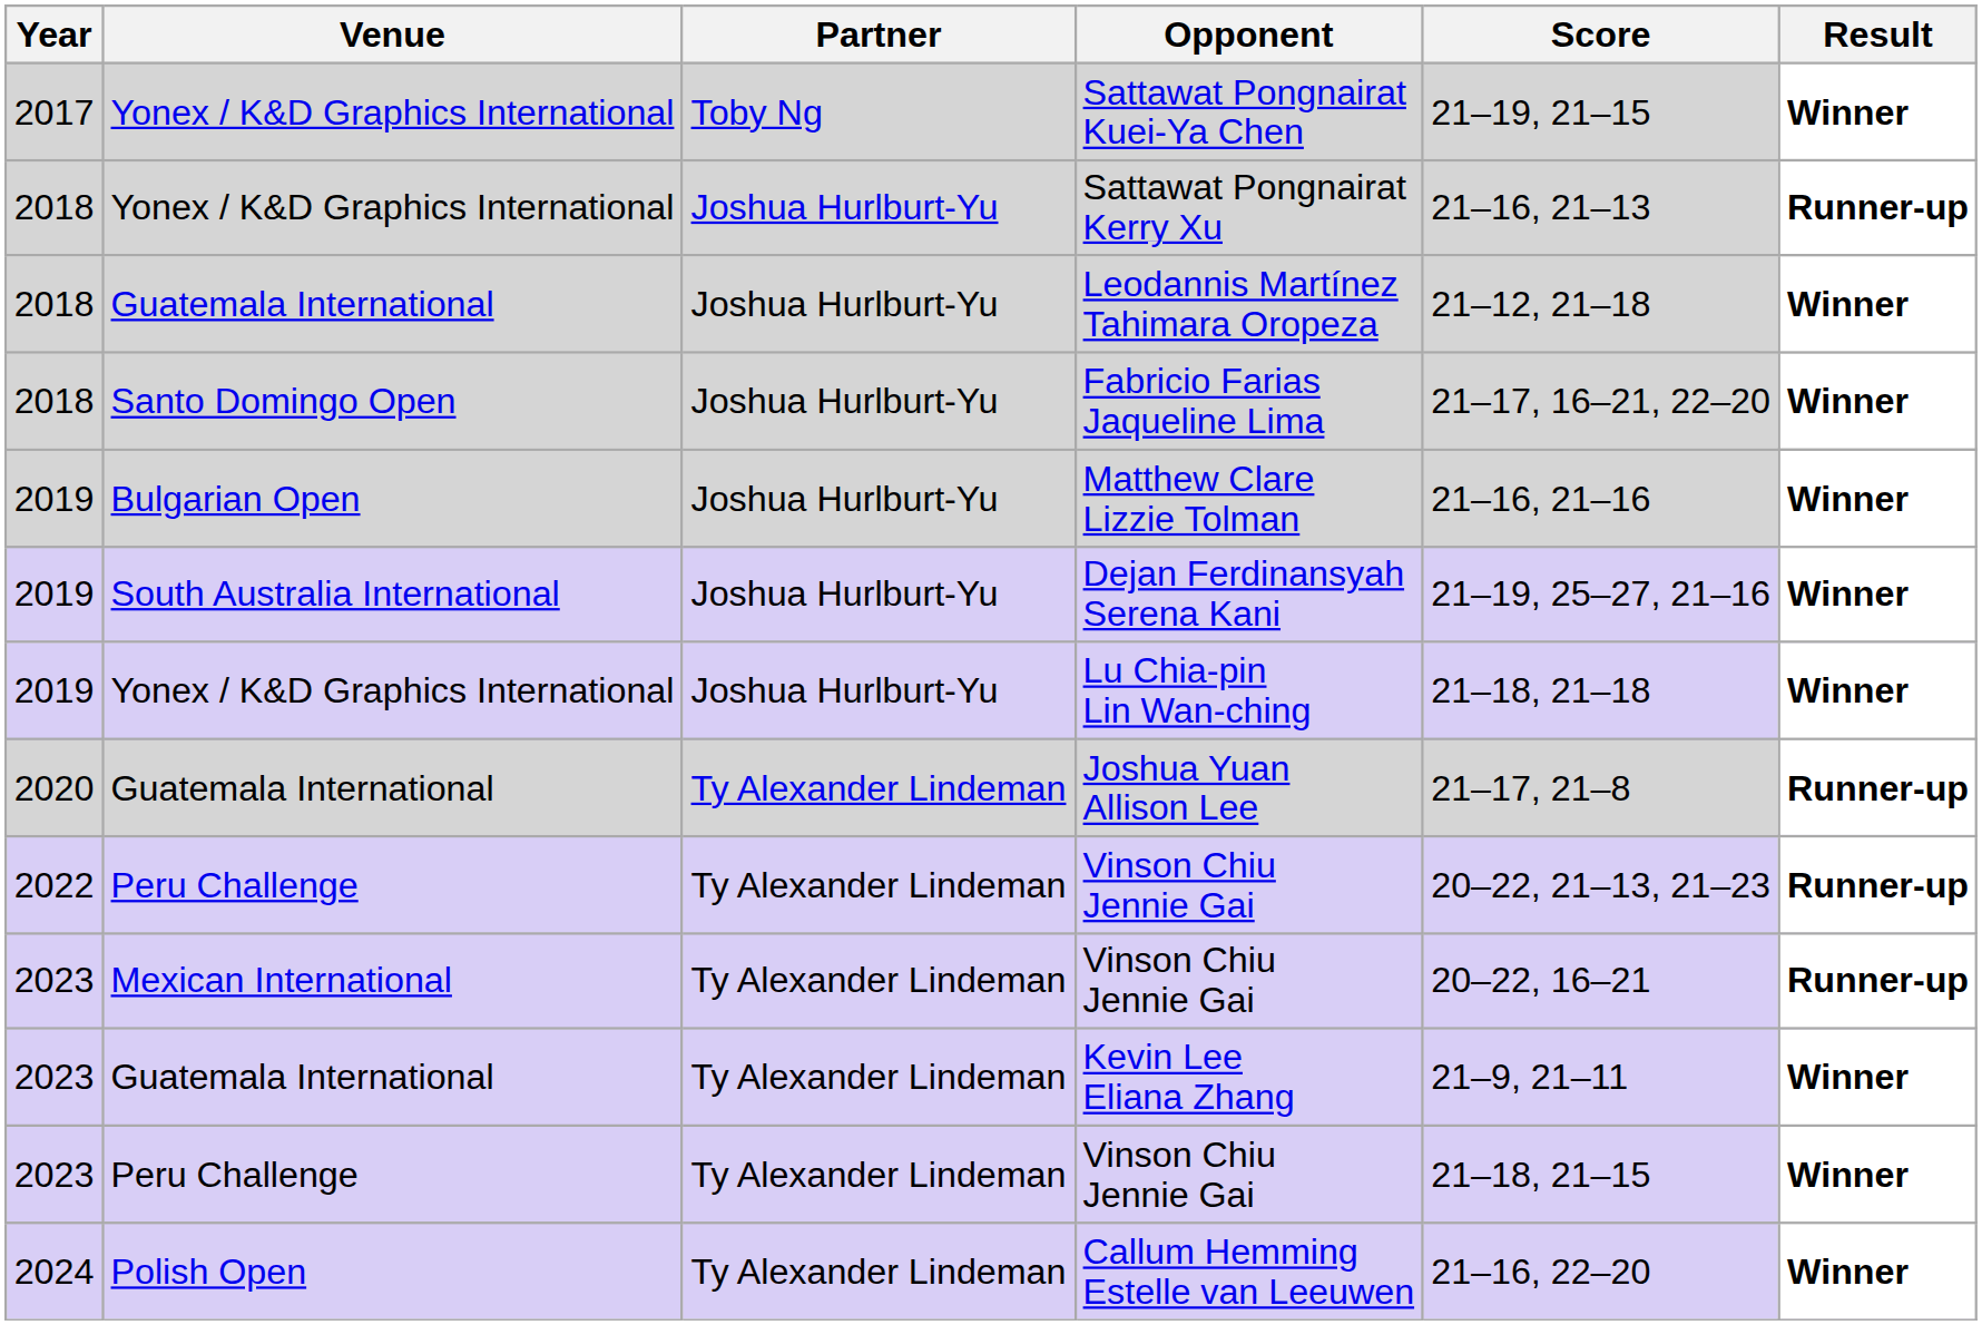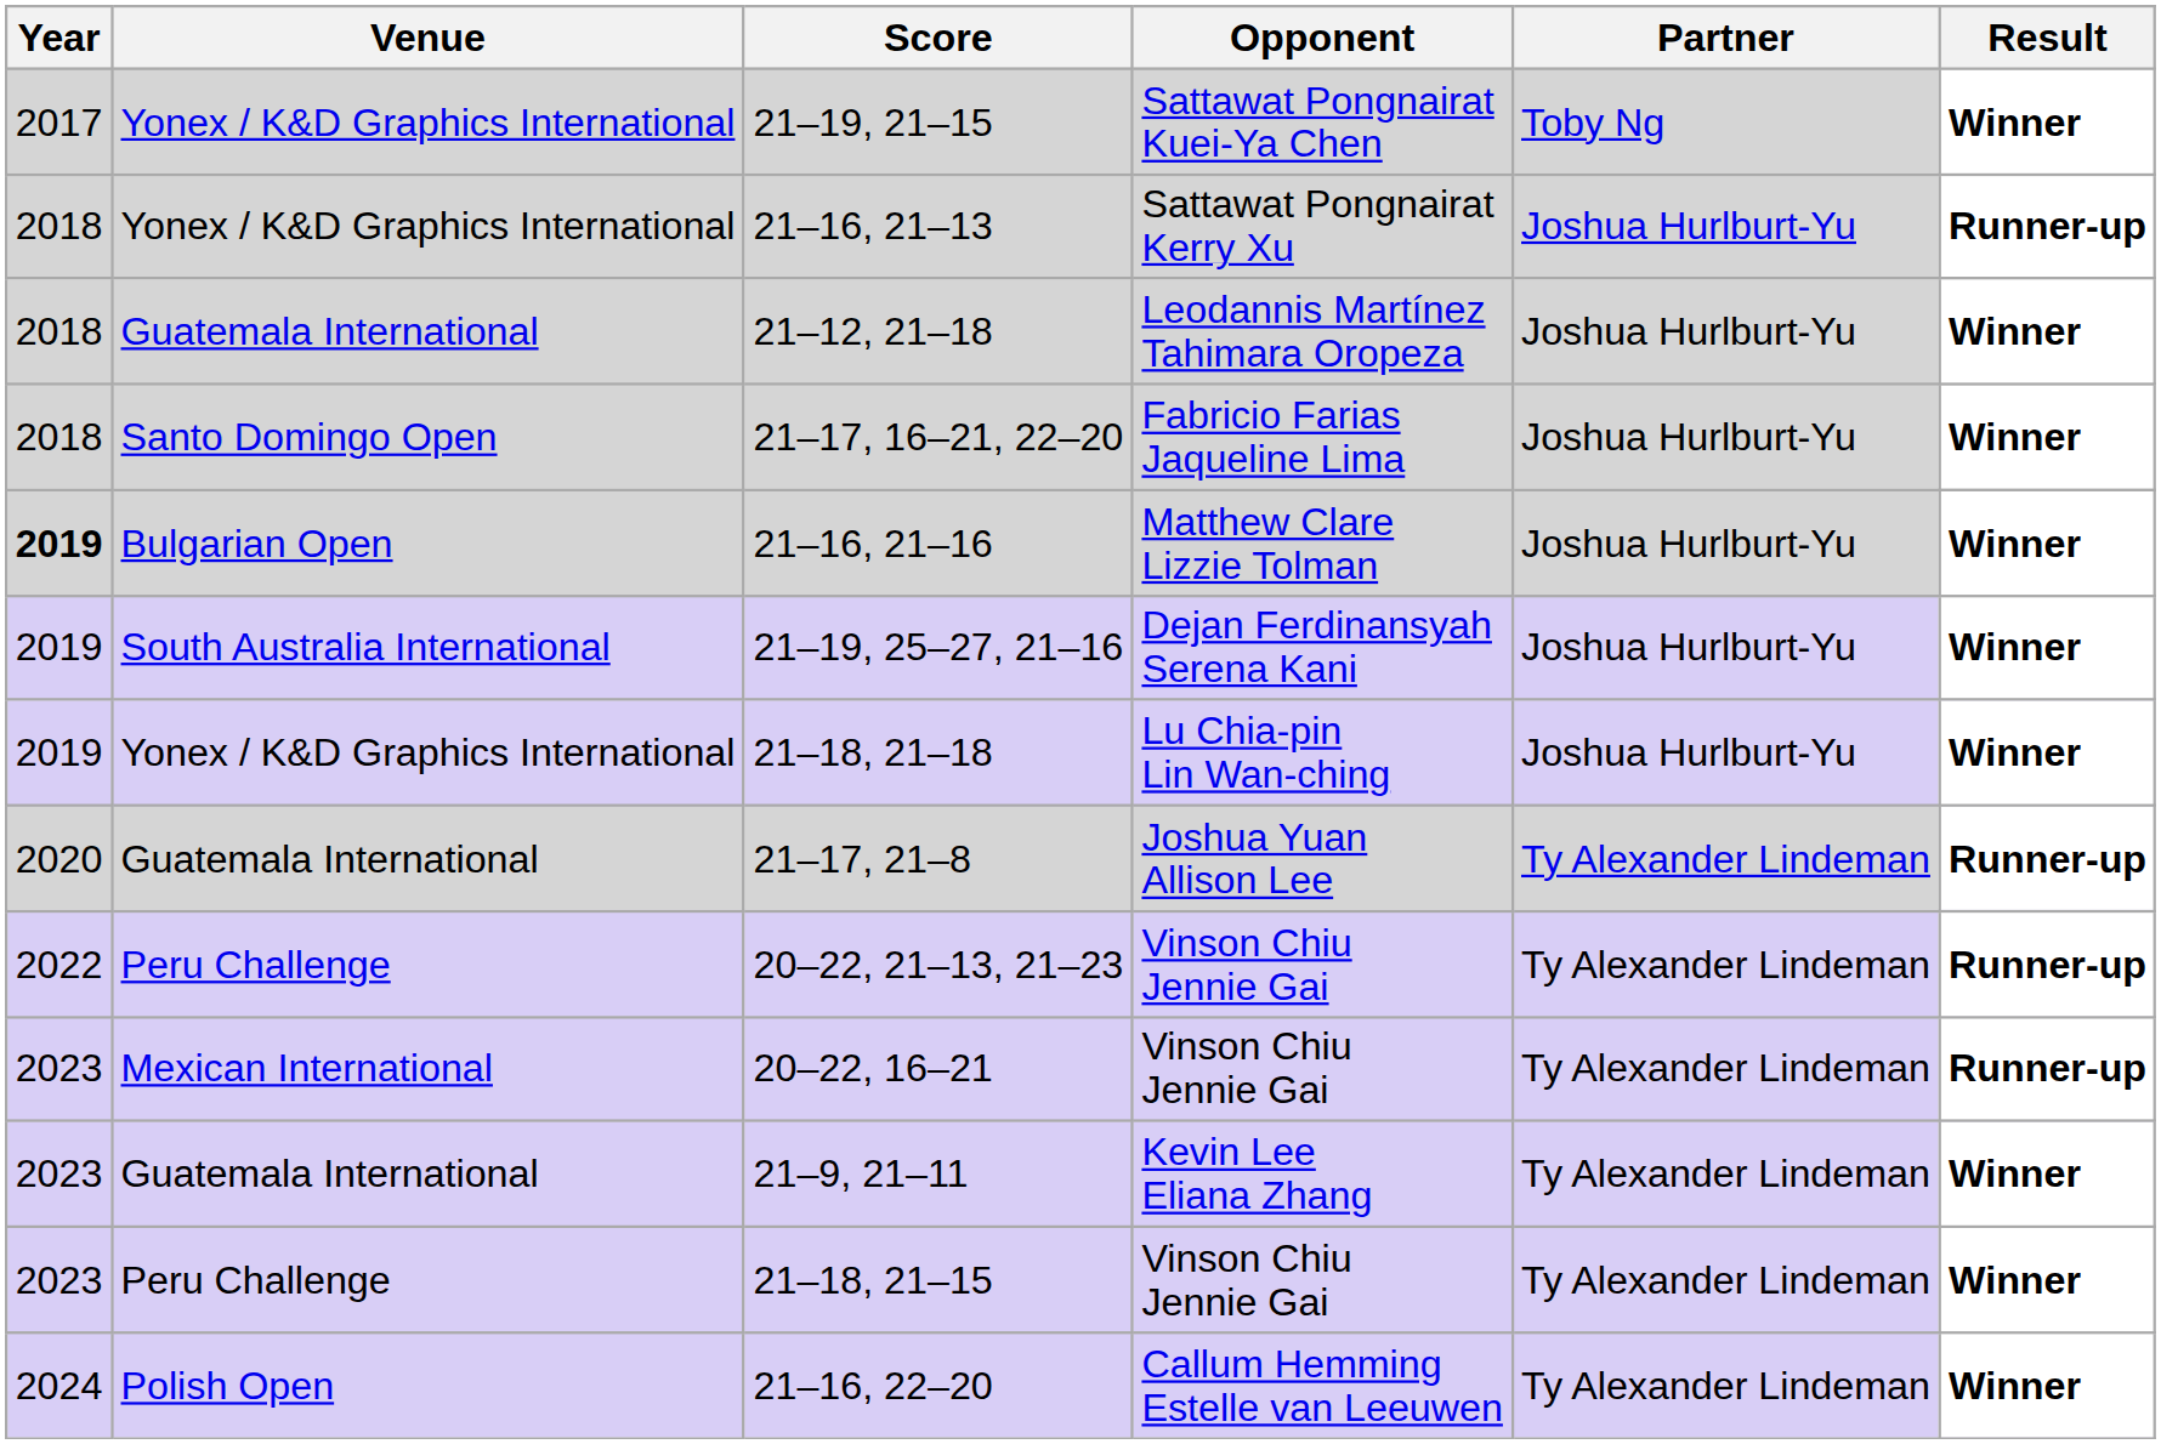 <table class="sortable wikitable" style="font-size: 90%;">
 <tr>
 <th>Year</th>
 <th>Venue</th>
+<th>Score</th>
+<th>Opponent</th>
 <th>Partner</th>
-<th>Opponent</th>
-<th>Score</th>
 <th>Result</th>
 </tr>
 <tr style="background:#D5D5D5">
 <td align="center">2017</td>
 <td align="left"><a href='#'>Yonex / K&D Graphics International</a></td>
+<td align="left">21–19, 21–15</td>
+<td align="left"> <a href='#'>Sattawat Pongnairat</a><br> <a href='#'>Kuei-Ya Chen</a></td>
 <td align="left"> <a href='#'>Toby Ng</a></td>
-<td align="left"> <a href='#'>Sattawat Pongnairat</a><br> <a href='#'>Kuei-Ya Chen</a></td>
-<td align="left">21–19, 21–15</td>
 <td style="text-align:left; background:white"> <strong>Winner</strong></td>
 </tr>
 <tr style="background:#D5D5D5">
 <td align="center">2018</td>
 <td align="left">Yonex / K&D Graphics International</td>
+<td align="left">21–16, 21–13</td>
+<td align="left"> Sattawat Pongnairat<br> <a href='#'>Kerry Xu</a></td>
 <td align="left"> <a href='#'>Joshua Hurlburt-Yu</a></td>
-<td align="left"> Sattawat Pongnairat<br> <a href='#'>Kerry Xu</a></td>
-<td align="left">21–16, 21–13</td>
 <td style="text-align:left; background:white"> <strong>Runner-up</strong></td>
 </tr>
 <tr style="background:#D5D5D5">
 <td align="center">2018</td>
 <td align="left"><a href='#'>Guatemala International</a></td>
+<td align="left">21–12, 21–18</td>
+<td align="left"> <a href='#'>Leodannis Martínez</a><br> <a href='#'>Tahimara Oropeza</a></td>
 <td align="left"> Joshua Hurlburt-Yu</td>
-<td align="left"> <a href='#'>Leodannis Martínez</a><br> <a href='#'>Tahimara Oropeza</a></td>
-<td align="left">21–12, 21–18</td>
 <td style="text-align:left; background:white"> <strong>Winner</strong></td>
 </tr>
 <tr style="background:#D5D5D5">
 <td align="center">2018</td>
 <td align="left"><a href='#'>Santo Domingo Open</a></td>
+<td align="left">21–17, 16–21, 22–20</td>
+<td align="left"> <a href='#'>Fabricio Farias</a><br> <a href='#'>Jaqueline Lima</a></td>
 <td align="left"> Joshua Hurlburt-Yu</td>
-<td align="left"> <a href='#'>Fabricio Farias</a><br> <a href='#'>Jaqueline Lima</a></td>
-<td align="left">21–17, 16–21, 22–20</td>
 <td style="text-align:left; background:white"> <strong>Winner</strong></td>
 </tr>
 <tr style="background:#D5D5D5">
-<td align="center">2019</td>
+<td align="center"><strong>2019</strong></td>
 <td align="left"><a href='#'>Bulgarian Open</a></td>
+<td align="left">21–16, 21–16</td>
+<td align="left"> <a href='#'>Matthew Clare</a><br> <a href='#'>Lizzie Tolman</a></td>
 <td align="left"> Joshua Hurlburt-Yu</td>
-<td align="left"> <a href='#'>Matthew Clare</a><br> <a href='#'>Lizzie Tolman</a></td>
-<td align="left">21–16, 21–16</td>
 <td style="text-align:left; background:white"> <strong>Winner</strong></td>
 </tr>
 <tr style="background:#D8CEF6">
 <td align="center">2019</td>
 <td align="left"><a href='#'>South Australia International</a></td>
+<td align="left">21–19, 25–27, 21–16</td>
+<td align="left"> <a href='#'>Dejan Ferdinansyah</a><br> <a href='#'>Serena Kani</a></td>
 <td align="left"> Joshua Hurlburt-Yu</td>
-<td align="left"> <a href='#'>Dejan Ferdinansyah</a><br> <a href='#'>Serena Kani</a></td>
-<td align="left">21–19, 25–27, 21–16</td>
 <td style="text-align:left; background:white"> <strong>Winner</strong></td>
 </tr>
 <tr style="background:#D8CEF6">
 <td align="center">2019</td>
 <td align="left">Yonex / K&D Graphics International</td>
+<td align="left">21–18, 21–18</td>
+<td align="left"> <a href='#'>Lu Chia-pin</a><br> <a href='#'>Lin Wan-ching</a></td>
 <td align="left"> Joshua Hurlburt-Yu</td>
-<td align="left"> <a href='#'>Lu Chia-pin</a><br> <a href='#'>Lin Wan-ching</a></td>
-<td align="left">21–18, 21–18</td>
 <td style="text-align:left; background:white"> <strong>Winner</strong></td>
 </tr>
 <tr style="background:#D5D5D5">
 <td align="center">2020</td>
 <td align="left">Guatemala International</td>
+<td align="left">21–17, 21–8</td>
+<td align="left"> <a href='#'>Joshua Yuan</a><br> <a href='#'>Allison Lee</a></td>
 <td align="left"> <a href='#'>Ty Alexander Lindeman</a></td>
-<td align="left"> <a href='#'>Joshua Yuan</a><br> <a href='#'>Allison Lee</a></td>
-<td align="left">21–17, 21–8</td>
 <td style="text-align:left; background:white"> <strong>Runner-up</strong></td>
 </tr>
 <tr style="background:#D8CEF6">
 <td align="center">2022</td>
 <td align="left"><a href='#'>Peru Challenge</a></td>
+<td align="left">20–22, 21–13, 21–23</td>
+<td align="left"> <a href='#'>Vinson Chiu</a><br> <a href='#'>Jennie Gai</a></td>
 <td align="left"> Ty Alexander Lindeman</td>
-<td align="left"> <a href='#'>Vinson Chiu</a><br> <a href='#'>Jennie Gai</a></td>
-<td align="left">20–22, 21–13, 21–23</td>
 <td style="text-align:left; background:white"> <strong>Runner-up</strong></td>
 </tr>
 <tr style="background:#D8CEF6">
 <td align="center">2023</td>
 <td align="left"><a href='#'>Mexican International</a></td>
+<td align="left">20–22, 16–21</td>
+<td align="left"> Vinson Chiu<br> Jennie Gai</td>
 <td align="left"> Ty Alexander Lindeman</td>
-<td align="left"> Vinson Chiu<br> Jennie Gai</td>
-<td align="left">20–22, 16–21</td>
 <td style="text-align:left; background:white"> <strong>Runner-up</strong></td>
 </tr>
 <tr style="background:#D8CEF6">
 <td align="center">2023</td>
 <td align="left">Guatemala International</td>
+<td align="left">21–9, 21–11</td>
+<td align="left"> <a href='#'>Kevin Lee</a><br> <a href='#'>Eliana Zhang</a></td>
 <td align="left"> Ty Alexander Lindeman</td>
-<td align="left"> <a href='#'>Kevin Lee</a><br> <a href='#'>Eliana Zhang</a></td>
-<td align="left">21–9, 21–11</td>
 <td style="text-align:left; background:white"> <strong>Winner</strong></td>
 </tr>
 <tr style="background:#D8CEF6">
 <td align="center">2023</td>
 <td align="left">Peru Challenge</td>
+<td align="left">21–18, 21–15</td>
+<td align="left"> Vinson Chiu<br> Jennie Gai</td>
 <td align="left"> Ty Alexander Lindeman</td>
-<td align="left"> Vinson Chiu<br> Jennie Gai</td>
-<td align="left">21–18, 21–15</td>
 <td style="text-align:left; background:white"> <strong>Winner</strong></td>
 </tr>
 <tr style="background:#D8CEF6">
 <td align="center">2024</td>
 <td align="left"><a href='#'>Polish Open</a></td>
+<td align="left">21–16, 22–20</td>
+<td align="left"> <a href='#'>Callum Hemming</a><br> <a href='#'>Estelle van Leeuwen</a></td>
 <td align="left"> Ty Alexander Lindeman</td>
-<td align="left"> <a href='#'>Callum Hemming</a><br> <a href='#'>Estelle van Leeuwen</a></td>
-<td align="left">21–16, 22–20</td>
 <td style="text-align:left; background:white"> <strong>Winner</strong></td>
 </tr>
 </table>
